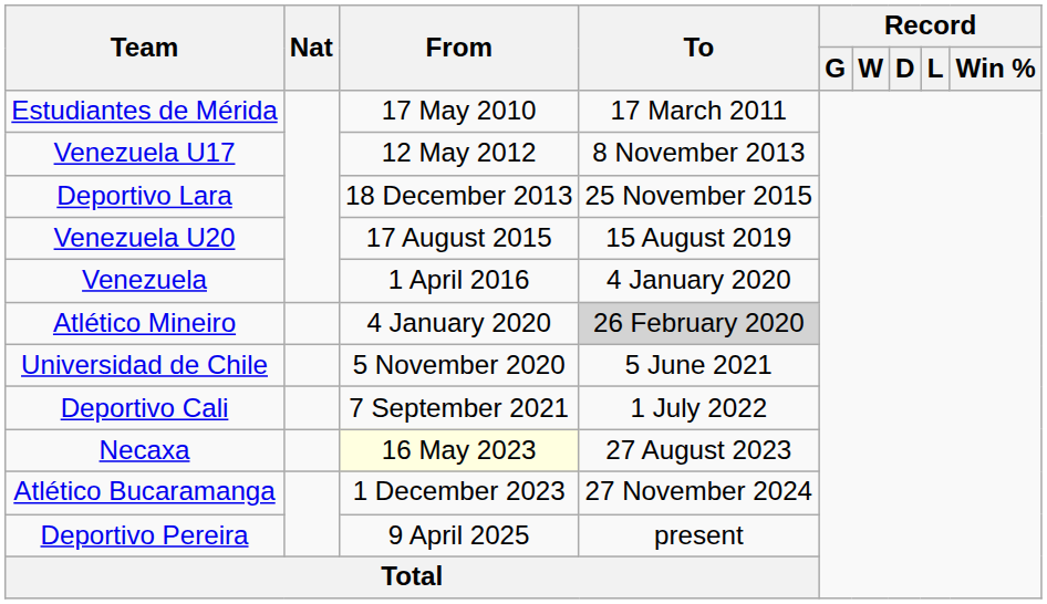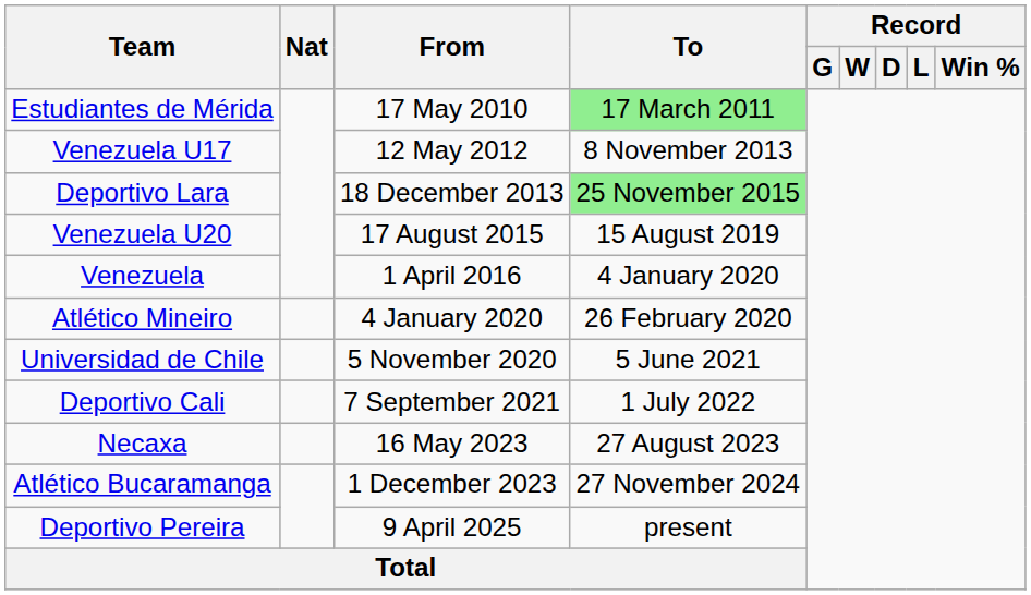 <table class="wikitable" style="text-align: center">
 <tr>
 <th rowspan="2">Team</th>
 <th rowspan="2">Nat</th>
 <th rowspan="2">From</th>
 <th rowspan="2">To</th>
 <th colspan="5">Record</th>
 </tr>
 <tr>
 <th>G</th>
 <th>W</th>
 <th>D</th>
 <th>L</th>
 <th>Win %</th>
 </tr>
 <tr>
 <td align=center><a href='#'>Estudiantes de Mérida</a></td>
 <td rowspan="5"></td>
 <td align=center>17 May 2010</td>
-<td align=center>17 March 2011<br></td>
+<td align=center style="background: lightgreen;">17 March 2011<br></td>
 </tr>
 <tr>
 <td align=center><a href='#'>Venezuela U17</a></td>
 <td align=center>12 May 2012</td>
 <td align=center>8 November 2013<br></td>
 </tr>
 <tr>
 <td align=center><a href='#'>Deportivo Lara</a></td>
 <td align=center>18 December 2013</td>
-<td align=center>25 November 2015<br></td>
+<td align=center style="background: lightgreen;">25 November 2015<br></td>
 </tr>
 <tr>
 <td align=center><a href='#'>Venezuela U20</a></td>
 <td align=center>17 August 2015</td>
 <td align=center>15 August 2019<br></td>
 </tr>
 <tr>
 <td align=center><a href='#'>Venezuela</a></td>
 <td align=center>1 April 2016</td>
 <td align=center>4 January 2020<br></td>
 </tr>
 <tr>
 <td align=center><a href='#'>Atlético Mineiro</a></td>
 <td></td>
 <td align=center>4 January 2020</td>
-<td align=center style="background: lightgrey;">26 February 2020<br></td>
+<td align=center>26 February 2020<br></td>
 </tr>
 <tr>
 <td align=center><a href='#'>Universidad de Chile</a></td>
 <td></td>
 <td align=center>5 November 2020</td>
 <td align=center>5 June 2021<br></td>
 </tr>
 <tr>
 <td align=center><a href='#'>Deportivo Cali</a></td>
 <td></td>
 <td align=center>7 September 2021</td>
 <td align=center>1 July 2022<br></td>
 </tr>
 <tr>
 <td align=center><a href='#'>Necaxa</a></td>
 <td></td>
-<td align=center style="background: lightyellow;">16 May 2023</td>
+<td align=center>16 May 2023</td>
 <td align=center>27 August 2023<br></td>
 </tr>
 <tr>
 <td align=center><a href='#'>Atlético Bucaramanga</a></td>
 <td rowspan="2"></td>
 <td align=center>1 December 2023</td>
 <td align=center>27 November 2024<br></td>
 </tr>
 <tr>
 <td align=center><a href='#'>Deportivo Pereira</a></td>
 <td align=center>9 April 2025</td>
 <td align=center>present<br></td>
 </tr>
 <tr align=center>
 <th colspan="4">Total<br></th>
 </tr>
 </table>
